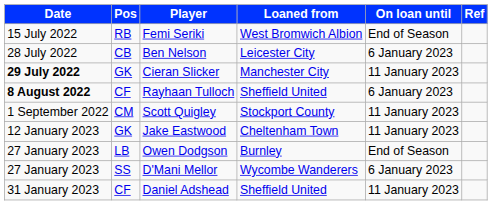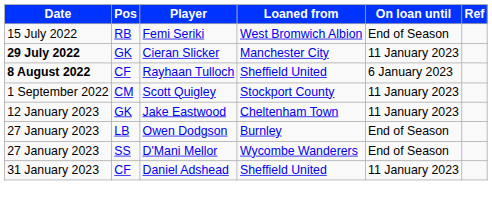 <table class="wikitable plainrowheaders sortable">
 <tr>
 <th style="background:#0033FF; color:#FFFFFF; ">Date</th>
 <th style="background:#0033FF; color:#FFFFFF; ">Pos</th>
 <th style="background:#0033FF; color:#FFFFFF; ">Player</th>
 <th style="background:#0033FF; color:#FFFFFF; ">Loaned from</th>
 <th style="background:#0033FF; color:#FFFFFF; ">On loan until</th>
 <th style="background:#0033FF; color:#FFFFFF; ">Ref</th>
 </tr>
 <tr>
 <td>15 July 2022</td>
 <td><a href='#'>RB</a></td>
 <td> <a href='#'>Femi Seriki</a></td>
 <td> <a href='#'>West Bromwich Albion</a></td>
 <td>End of Season</td>
-<td></td>
-</tr>
-<tr>
-<td>28 July 2022</td>
-<td><a href='#'>CB</a></td>
-<td> <a href='#'>Ben Nelson</a></td>
-<td> <a href='#'>Leicester City</a></td>
-<td>6 January 2023</td>
 <td></td>
 </tr>
 <tr>
 <td><strong>29 July 2022</strong></td>
 <td><a href='#'>GK</a></td>
 <td> <a href='#'>Cieran Slicker</a></td>
 <td> <a href='#'>Manchester City</a></td>
 <td>11 January 2023</td>
 <td></td>
 </tr>
 <tr>
 <td><strong>8 August 2022</strong></td>
 <td><a href='#'>CF</a></td>
 <td> <a href='#'>Rayhaan Tulloch</a></td>
 <td> <a href='#'>Sheffield United</a></td>
 <td>6 January 2023</td>
 <td></td>
 </tr>
 <tr>
 <td>1 September 2022</td>
 <td><a href='#'>CM</a></td>
 <td> <a href='#'>Scott Quigley</a></td>
 <td> <a href='#'>Stockport County</a></td>
 <td>11 January 2023</td>
 <td></td>
 </tr>
 <tr>
 <td>12 January 2023</td>
 <td><a href='#'>GK</a></td>
 <td> <a href='#'>Jake Eastwood</a></td>
 <td> <a href='#'>Cheltenham Town</a></td>
 <td>11 January 2023</td>
 <td></td>
 </tr>
 <tr>
 <td>27 January 2023</td>
 <td><a href='#'>LB</a></td>
 <td> <a href='#'>Owen Dodgson</a></td>
 <td> <a href='#'>Burnley</a></td>
 <td>End of Season</td>
 <td></td>
 </tr>
 <tr>
 <td>27 January 2023</td>
 <td><a href='#'>SS</a></td>
 <td> <a href='#'>D'Mani Mellor</a></td>
 <td> <a href='#'>Wycombe Wanderers</a></td>
-<td>6 January 2023</td>
+<td>End of Season</td>
 <td></td>
 </tr>
 <tr>
 <td>31 January 2023</td>
 <td><a href='#'>CF</a></td>
 <td> <a href='#'>Daniel Adshead</a></td>
 <td> <a href='#'>Sheffield United</a></td>
 <td>11 January 2023</td>
 <td></td>
 </tr>
 </table>
